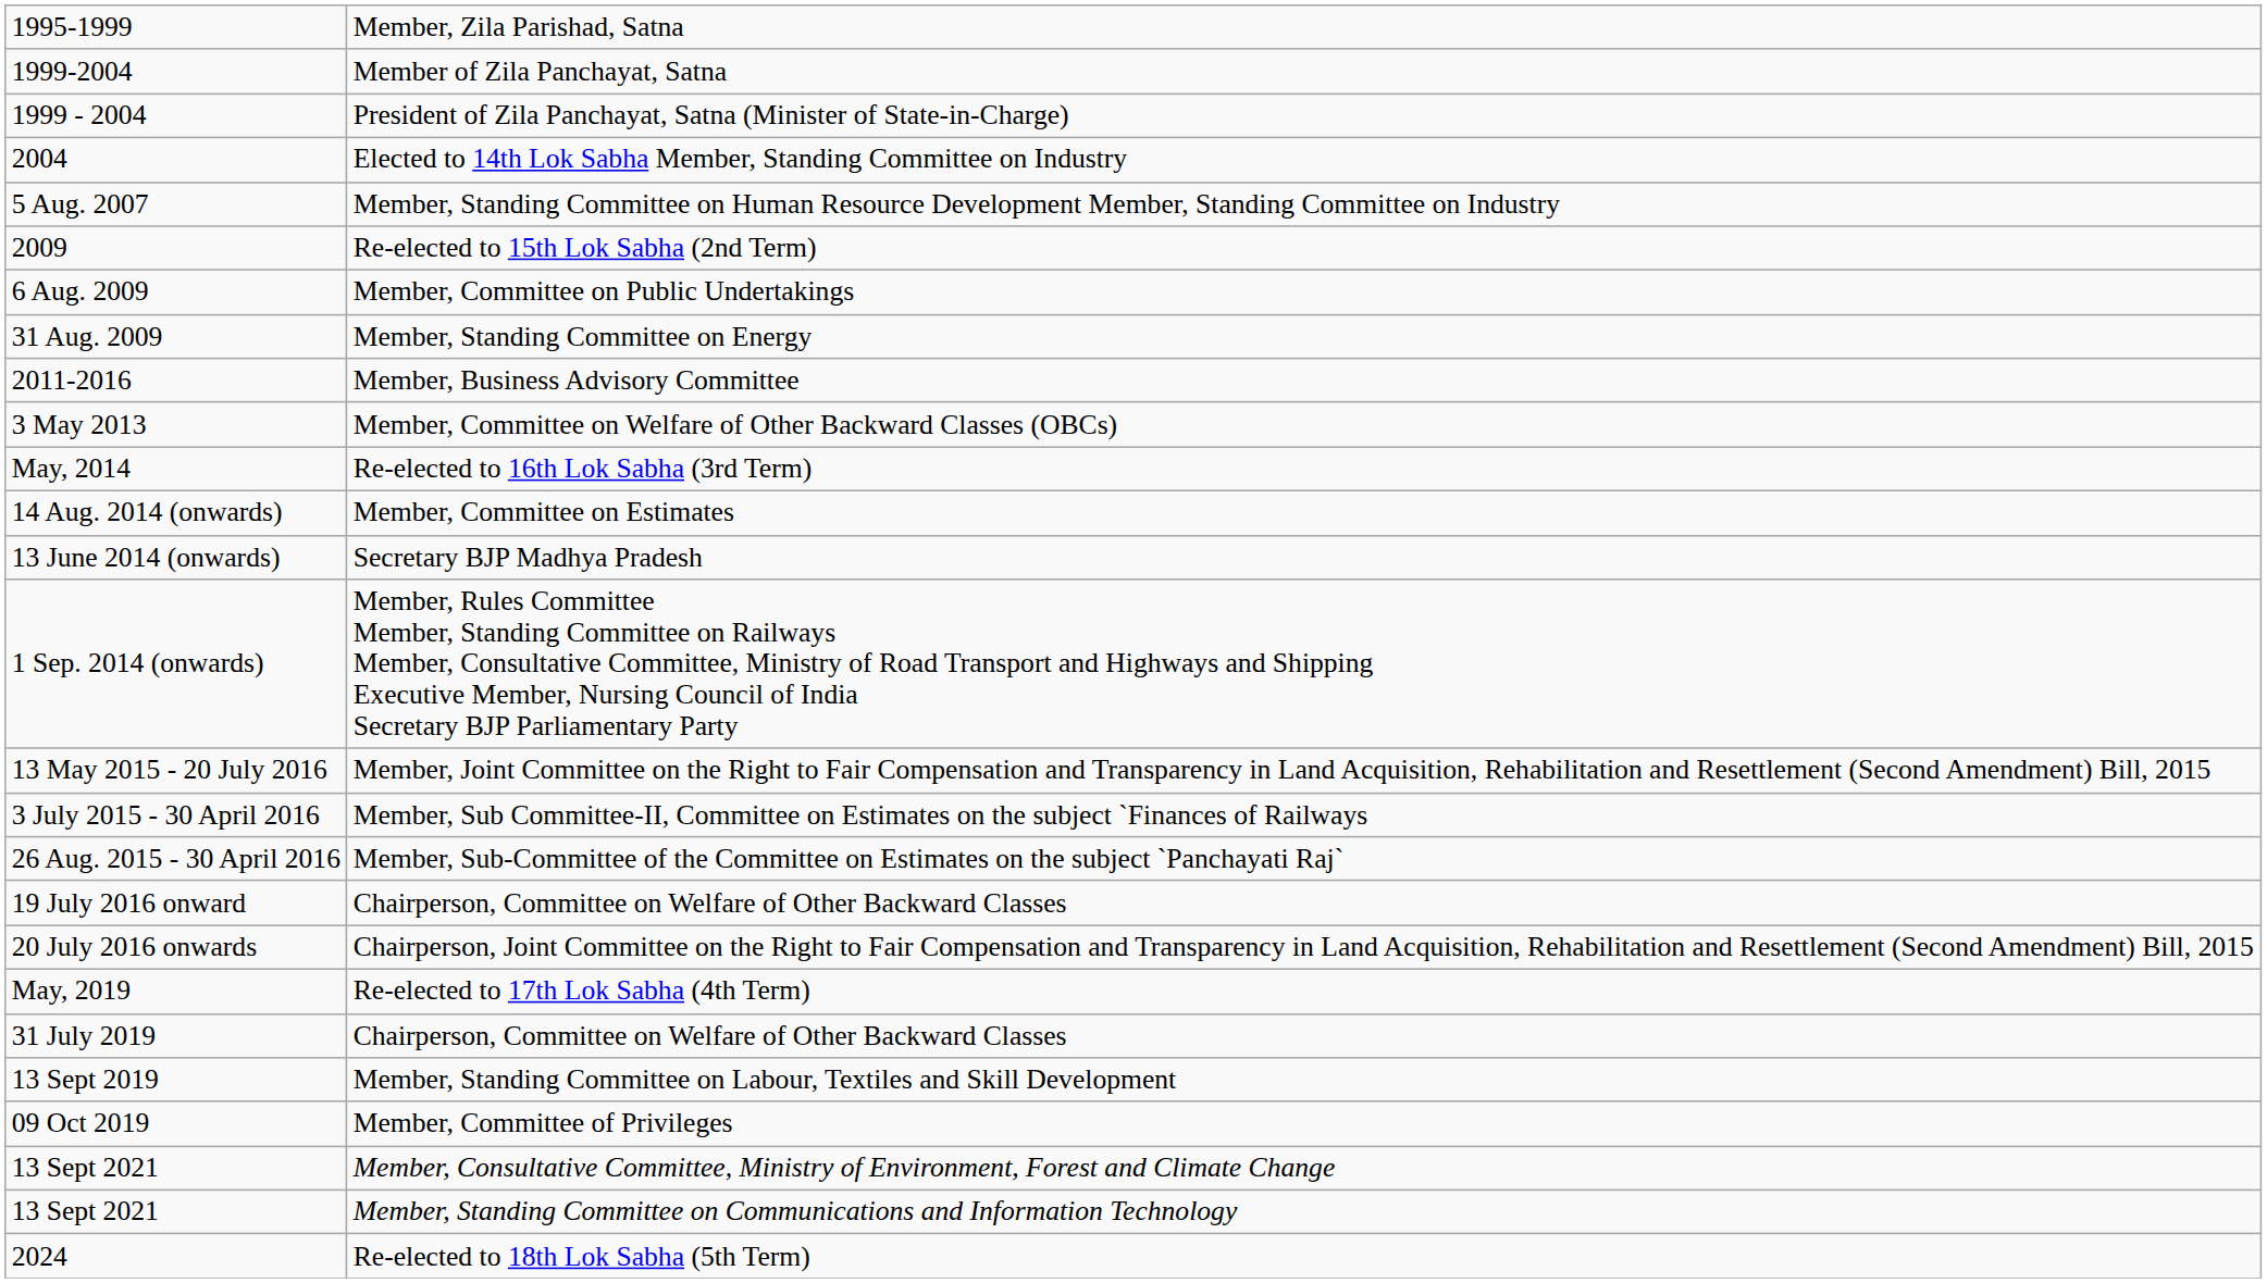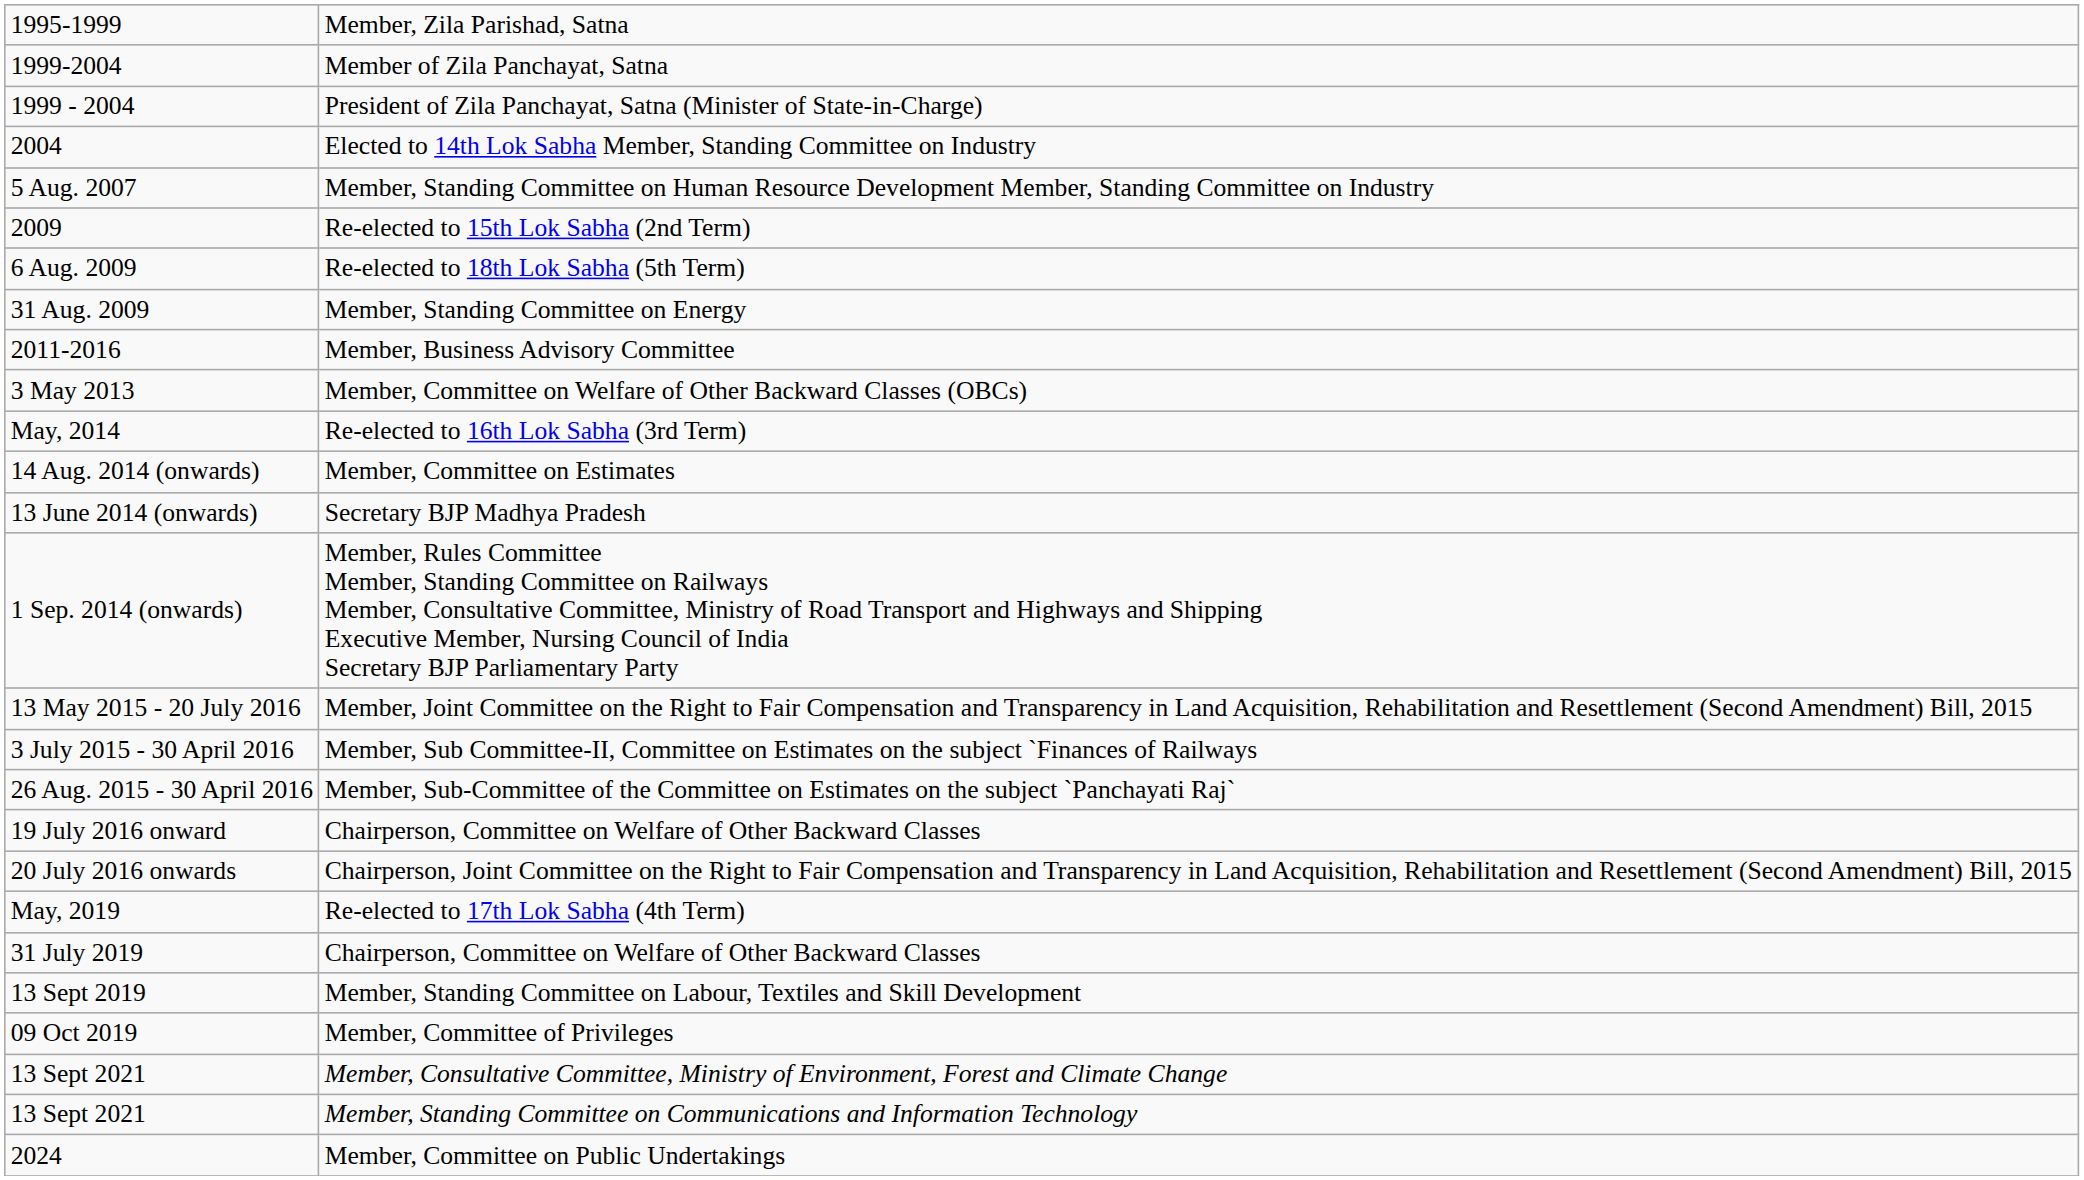 <table class="wikitable">
 <tr>
 <td>1995-1999</td>
 <td>Member, Zila Parishad, Satna</td>
 </tr>
 <tr>
 <td>1999-2004</td>
 <td>Member of Zila Panchayat, Satna</td>
 </tr>
 <tr>
 <td>1999 - 2004</td>
 <td>President of Zila Panchayat, Satna (Minister of State-in-Charge)</td>
 </tr>
 <tr>
 <td>2004</td>
 <td>Elected to <a href='#'>14th Lok Sabha</a> Member, Standing Committee on Industry</td>
 </tr>
 <tr>
 <td>5 Aug. 2007</td>
 <td>Member, Standing Committee on Human Resource Development Member, Standing Committee on Industry</td>
 </tr>
 <tr>
 <td>2009</td>
 <td>Re-elected to <a href='#'>15th Lok Sabha</a> (2nd Term)</td>
 </tr>
 <tr>
 <td>6 Aug. 2009</td>
-<td>Member, Committee on Public Undertakings</td>
+<td>Re-elected to <a href='#'>18th Lok Sabha</a> (5th Term)</td>
 </tr>
 <tr>
 <td>31 Aug. 2009</td>
 <td>Member, Standing Committee on Energy</td>
 </tr>
 <tr>
 <td>2011-2016</td>
 <td>Member, Business Advisory Committee</td>
 </tr>
 <tr>
 <td>3 May 2013</td>
 <td>Member, Committee on Welfare of Other Backward Classes (OBCs)</td>
 </tr>
 <tr>
 <td>May, 2014</td>
 <td>Re-elected to <a href='#'>16th Lok Sabha</a> (3rd Term)</td>
 </tr>
 <tr>
 <td>14 Aug. 2014 (onwards)</td>
 <td>Member, Committee on Estimates</td>
 </tr>
 <tr>
 <td>13 June 2014 (onwards)</td>
 <td>Secretary BJP Madhya Pradesh</td>
 </tr>
 <tr>
 <td>1 Sep. 2014 (onwards)</td>
 <td>Member, Rules Committee<br>Member, Standing Committee on Railways<br>Member, Consultative Committee, Ministry of Road Transport and Highways and Shipping<br>Executive Member, Nursing Council of India<br>Secretary BJP Parliamentary Party</td>
 </tr>
 <tr>
 <td>13 May 2015 - 20 July 2016</td>
 <td>Member, Joint Committee on the Right to Fair Compensation and Transparency in Land Acquisition, Rehabilitation and Resettlement (Second Amendment) Bill, 2015</td>
 </tr>
 <tr>
 <td>3 July 2015 - 30 April 2016</td>
 <td>Member, Sub Committee-II, Committee on Estimates on the subject `Finances of Railways</td>
 </tr>
 <tr>
 <td>26 Aug. 2015 - 30 April 2016</td>
 <td>Member, Sub-Committee of the Committee on Estimates on the subject `Panchayati Raj`</td>
 </tr>
 <tr>
 <td>19 July 2016 onward</td>
 <td>Chairperson, Committee on Welfare of Other Backward Classes</td>
 </tr>
 <tr>
 <td>20 July 2016 onwards</td>
 <td>Chairperson, Joint Committee on the Right to Fair Compensation and Transparency in Land Acquisition, Rehabilitation and Resettlement (Second Amendment) Bill, 2015</td>
 </tr>
 <tr>
 <td>May, 2019</td>
 <td>Re-elected to <a href='#'>17th Lok Sabha</a> (4th Term)</td>
 </tr>
 <tr>
 <td>31 July 2019</td>
 <td>Chairperson, Committee on Welfare of Other Backward Classes</td>
 </tr>
 <tr>
 <td>13 Sept 2019</td>
 <td>Member, Standing Committee on Labour, Textiles and Skill Development</td>
 </tr>
 <tr>
 <td>09 Oct 2019</td>
 <td>Member, Committee of Privileges</td>
 </tr>
 <tr>
 <td>13 Sept 2021</td>
 <td><em>Member, Consultative Committee, Ministry of Environment, Forest and Climate Change</em></td>
 </tr>
 <tr>
 <td>13 Sept 2021</td>
 <td><em>Member, Standing Committee on Communications and Information Technology</em></td>
 </tr>
 <tr>
 <td>2024</td>
-<td>Re-elected to <a href='#'>18th Lok Sabha</a> (5th Term)</td>
+<td>Member, Committee on Public Undertakings</td>
 </tr>
 </table>
